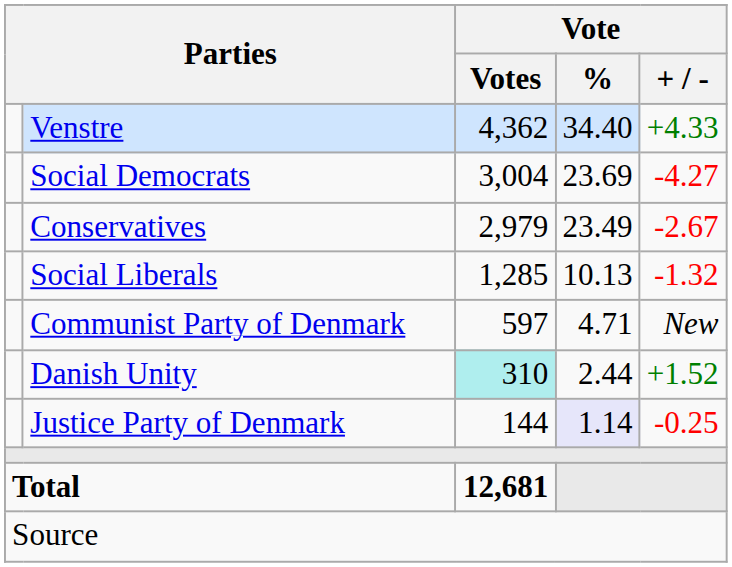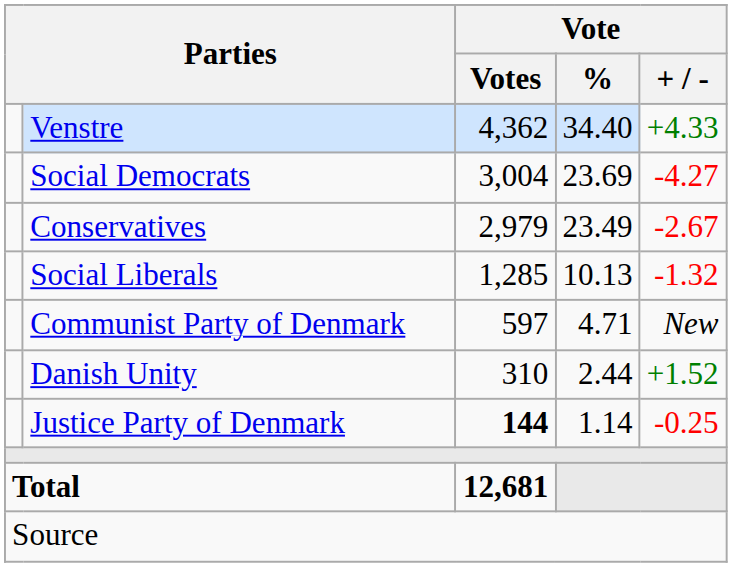 <table class="wikitable" style="text-align:right;">
 <tr>
 <th style="text-align:centre;" rowspan="2" colspan="2" width="225">Parties</th>
 <th colspan="3">Vote</th>
 </tr>
 <tr>
 <th width="15">Votes</th>
 <th width="15">%</th>
 <th width="15">+ / -</th>
 </tr>
 <tr>
 <td width="2" style="color:inherit;background:"></td>
 <td bgcolor=#cfe5fe  align="left"><a href='#'>Venstre</a></td>
 <td bgcolor=#cfe5fe>4,362</td>
 <td bgcolor=#cfe5fe>34.40</td>
 <td style=color:green;>+4.33</td>
 </tr>
 <tr>
 <td width="2" style="color:inherit;background:"></td>
 <td align="left"><a href='#'>Social Democrats</a></td>
 <td>3,004</td>
 <td>23.69</td>
 <td style=color:red;>-4.27</td>
 </tr>
 <tr>
 <td width="2" style="color:inherit;background:"></td>
 <td align="left"><a href='#'>Conservatives</a></td>
 <td>2,979</td>
 <td>23.49</td>
 <td style=color:red;>-2.67</td>
 </tr>
 <tr>
 <td width="2" style="color:inherit;background:"></td>
 <td align="left"><a href='#'>Social Liberals</a></td>
 <td>1,285</td>
 <td>10.13</td>
 <td style=color:red;>-1.32</td>
 </tr>
 <tr>
 <td width="2" style="color:inherit;background:"></td>
 <td align="left"><a href='#'>Communist Party of Denmark</a></td>
 <td>597</td>
 <td>4.71</td>
 <td><em>New</em></td>
 </tr>
 <tr>
 <td width="2" style="color:inherit;background:"></td>
 <td align="left"><a href='#'>Danish Unity</a></td>
-<td style="background: paleturquoise;">310</td>
+<td>310</td>
 <td>2.44</td>
 <td style=color:green;>+1.52</td>
 </tr>
 <tr>
 <td width="2" style="color:inherit;background:"></td>
 <td align="left"><a href='#'>Justice Party of Denmark</a></td>
-<td>144</td>
-<td style="background: lavender;">1.14</td>
+<td><strong>144</strong></td>
+<td>1.14</td>
 <td style=color:red;>-0.25</td>
 </tr>
 <tr>
 <td colspan="7" bgcolor="#E9E9E9"></td>
 </tr>
 <tr>
 <td align="left" colspan="2"><strong>Total</strong></td>
 <td><strong>12,681</strong></td>
 <td bgcolor="#E9E9E9" colspan="2"></td>
 </tr>
 <tr>
 <td align="left" colspan="6">Source</td>
 </tr>
 </table>
